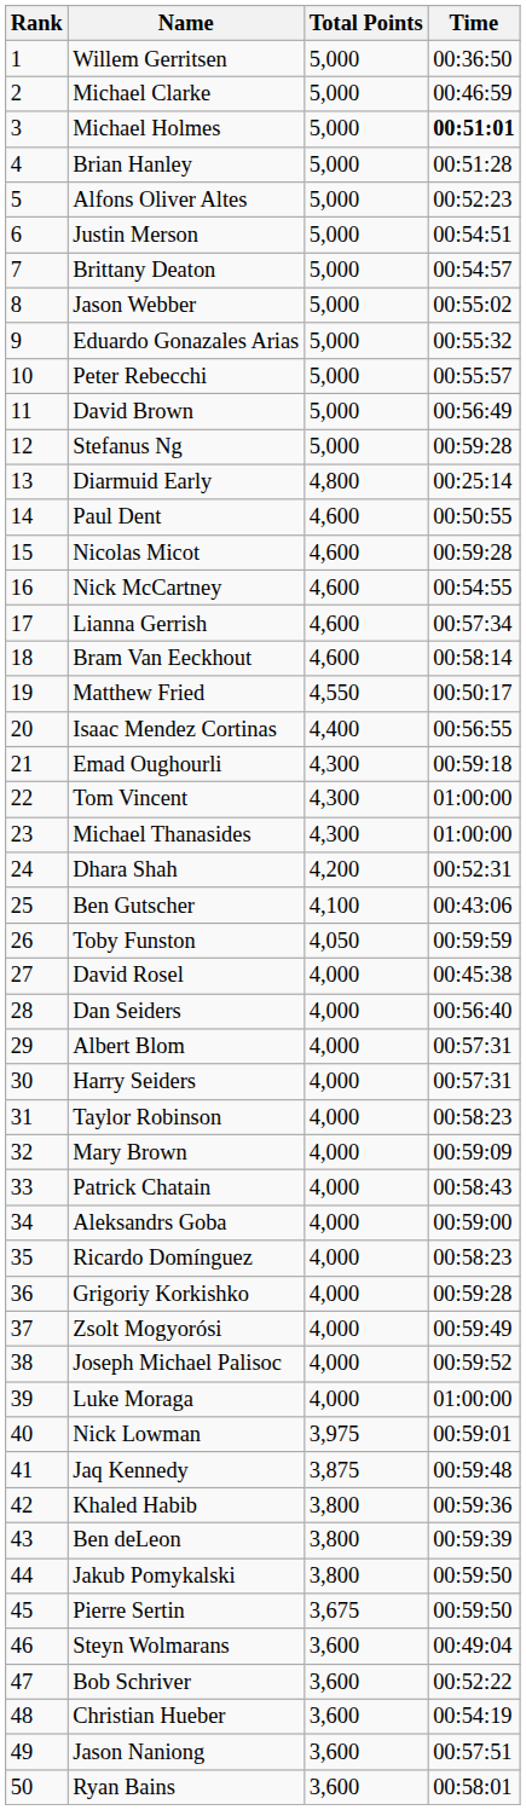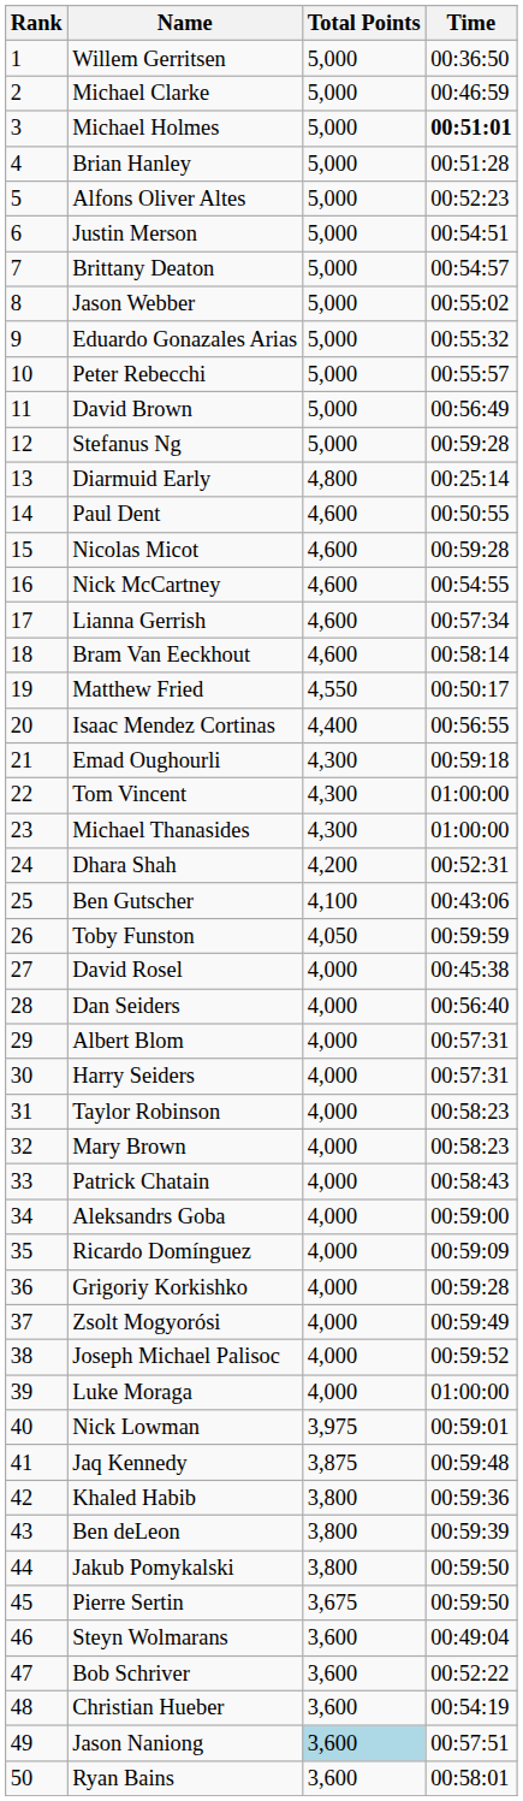 <table class="wikitable mw-collapsible mw-collapsed">
 <tr>
 <th>Rank</th>
 <th>Name</th>
 <th>Total Points</th>
 <th>Time</th>
 </tr>
 <tr>
 <td>1</td>
 <td> Willem Gerritsen</td>
 <td>5,000</td>
 <td>00:36:50</td>
 </tr>
 <tr>
 <td>2</td>
 <td> Michael Clarke</td>
 <td>5,000</td>
 <td>00:46:59</td>
 </tr>
 <tr>
 <td>3</td>
 <td> Michael Holmes</td>
 <td>5,000</td>
 <td><strong>00:51:01</strong></td>
 </tr>
 <tr>
 <td>4</td>
 <td> Brian Hanley</td>
 <td>5,000</td>
 <td>00:51:28</td>
 </tr>
 <tr>
 <td>5</td>
 <td> Alfons Oliver Altes</td>
 <td>5,000</td>
 <td>00:52:23</td>
 </tr>
 <tr>
 <td>6</td>
 <td> Justin Merson</td>
 <td>5,000</td>
 <td>00:54:51</td>
 </tr>
 <tr>
 <td>7</td>
 <td> Brittany Deaton</td>
 <td>5,000</td>
 <td>00:54:57</td>
 </tr>
 <tr>
 <td>8</td>
 <td> Jason Webber</td>
 <td>5,000</td>
 <td>00:55:02</td>
 </tr>
 <tr>
 <td>9</td>
 <td> Eduardo Gonazales Arias</td>
 <td>5,000</td>
 <td>00:55:32</td>
 </tr>
 <tr>
 <td>10</td>
 <td> Peter Rebecchi</td>
 <td>5,000</td>
 <td>00:55:57</td>
 </tr>
 <tr>
 <td>11</td>
 <td> David Brown</td>
 <td>5,000</td>
 <td>00:56:49</td>
 </tr>
 <tr>
 <td>12</td>
 <td> Stefanus Ng</td>
 <td>5,000</td>
 <td>00:59:28</td>
 </tr>
 <tr>
 <td>13</td>
 <td> Diarmuid Early</td>
 <td>4,800</td>
 <td>00:25:14</td>
 </tr>
 <tr>
 <td>14</td>
 <td> Paul Dent</td>
 <td>4,600</td>
 <td>00:50:55</td>
 </tr>
 <tr>
 <td>15</td>
 <td> Nicolas Micot</td>
 <td>4,600</td>
 <td>00:59:28</td>
 </tr>
 <tr>
 <td>16</td>
 <td> Nick McCartney</td>
 <td>4,600</td>
 <td>00:54:55</td>
 </tr>
 <tr>
 <td>17</td>
 <td> Lianna Gerrish</td>
 <td>4,600</td>
 <td>00:57:34</td>
 </tr>
 <tr>
 <td>18</td>
 <td> Bram Van Eeckhout</td>
 <td>4,600</td>
 <td>00:58:14</td>
 </tr>
 <tr>
 <td>19</td>
 <td> Matthew Fried</td>
 <td>4,550</td>
 <td>00:50:17</td>
 </tr>
 <tr>
 <td>20</td>
 <td> Isaac Mendez Cortinas</td>
 <td>4,400</td>
 <td>00:56:55</td>
 </tr>
 <tr>
 <td>21</td>
 <td> Emad Oughourli</td>
 <td>4,300</td>
 <td>00:59:18</td>
 </tr>
 <tr>
 <td>22</td>
 <td> Tom Vincent</td>
 <td>4,300</td>
 <td>01:00:00</td>
 </tr>
 <tr>
 <td>23</td>
 <td> Michael Thanasides</td>
 <td>4,300</td>
 <td>01:00:00</td>
 </tr>
 <tr>
 <td>24</td>
 <td> Dhara Shah</td>
 <td>4,200</td>
 <td>00:52:31</td>
 </tr>
 <tr>
 <td>25</td>
 <td> Ben Gutscher</td>
 <td>4,100</td>
 <td>00:43:06</td>
 </tr>
 <tr>
 <td>26</td>
 <td> Toby Funston</td>
 <td>4,050</td>
 <td>00:59:59</td>
 </tr>
 <tr>
 <td>27</td>
 <td> David Rosel</td>
 <td>4,000</td>
 <td>00:45:38</td>
 </tr>
 <tr>
 <td>28</td>
 <td> Dan Seiders</td>
 <td>4,000</td>
 <td>00:56:40</td>
 </tr>
 <tr>
 <td>29</td>
 <td> Albert Blom</td>
 <td>4,000</td>
 <td>00:57:31</td>
 </tr>
 <tr>
 <td>30</td>
 <td> Harry Seiders</td>
 <td>4,000</td>
 <td>00:57:31</td>
 </tr>
 <tr>
 <td>31</td>
 <td> Taylor Robinson</td>
 <td>4,000</td>
 <td>00:58:23</td>
 </tr>
 <tr>
 <td>32</td>
 <td> Mary Brown</td>
 <td>4,000</td>
-<td>00:59:09</td>
+<td>00:58:23</td>
 </tr>
 <tr>
 <td>33</td>
 <td> Patrick Chatain</td>
 <td>4,000</td>
 <td>00:58:43</td>
 </tr>
 <tr>
 <td>34</td>
 <td> Aleksandrs Goba</td>
 <td>4,000</td>
 <td>00:59:00</td>
 </tr>
 <tr>
 <td>35</td>
 <td> Ricardo Domínguez</td>
 <td>4,000</td>
-<td>00:58:23</td>
+<td>00:59:09</td>
 </tr>
 <tr>
 <td>36</td>
 <td> Grigoriy Korkishko</td>
 <td>4,000</td>
 <td>00:59:28</td>
 </tr>
 <tr>
 <td>37</td>
 <td> Zsolt Mogyorósi</td>
 <td>4,000</td>
 <td>00:59:49</td>
 </tr>
 <tr>
 <td>38</td>
 <td> Joseph Michael Palisoc</td>
 <td>4,000</td>
 <td>00:59:52</td>
 </tr>
 <tr>
 <td>39</td>
 <td> Luke Moraga</td>
 <td>4,000</td>
 <td>01:00:00</td>
 </tr>
 <tr>
 <td>40</td>
 <td> Nick Lowman</td>
 <td>3,975</td>
 <td>00:59:01</td>
 </tr>
 <tr>
 <td>41</td>
 <td> Jaq Kennedy</td>
 <td>3,875</td>
 <td>00:59:48</td>
 </tr>
 <tr>
 <td>42</td>
 <td> Khaled Habib</td>
 <td>3,800</td>
 <td>00:59:36</td>
 </tr>
 <tr>
 <td>43</td>
 <td> Ben deLeon</td>
 <td>3,800</td>
 <td>00:59:39</td>
 </tr>
 <tr>
 <td>44</td>
 <td> Jakub Pomykalski</td>
 <td>3,800</td>
 <td>00:59:50</td>
 </tr>
 <tr>
 <td>45</td>
 <td> Pierre Sertin</td>
 <td>3,675</td>
 <td>00:59:50</td>
 </tr>
 <tr>
 <td>46</td>
 <td> Steyn Wolmarans</td>
 <td>3,600</td>
 <td>00:49:04</td>
 </tr>
 <tr>
 <td>47</td>
 <td> Bob Schriver</td>
 <td>3,600</td>
 <td>00:52:22</td>
 </tr>
 <tr>
 <td>48</td>
 <td> Christian Hueber</td>
 <td>3,600</td>
 <td>00:54:19</td>
 </tr>
 <tr>
 <td>49</td>
 <td> Jason Naniong</td>
-<td>3,600</td>
+<td style="background: lightblue;">3,600</td>
 <td>00:57:51</td>
 </tr>
 <tr>
 <td>50</td>
 <td> Ryan Bains</td>
 <td>3,600</td>
 <td>00:58:01</td>
 </tr>
 </table>
